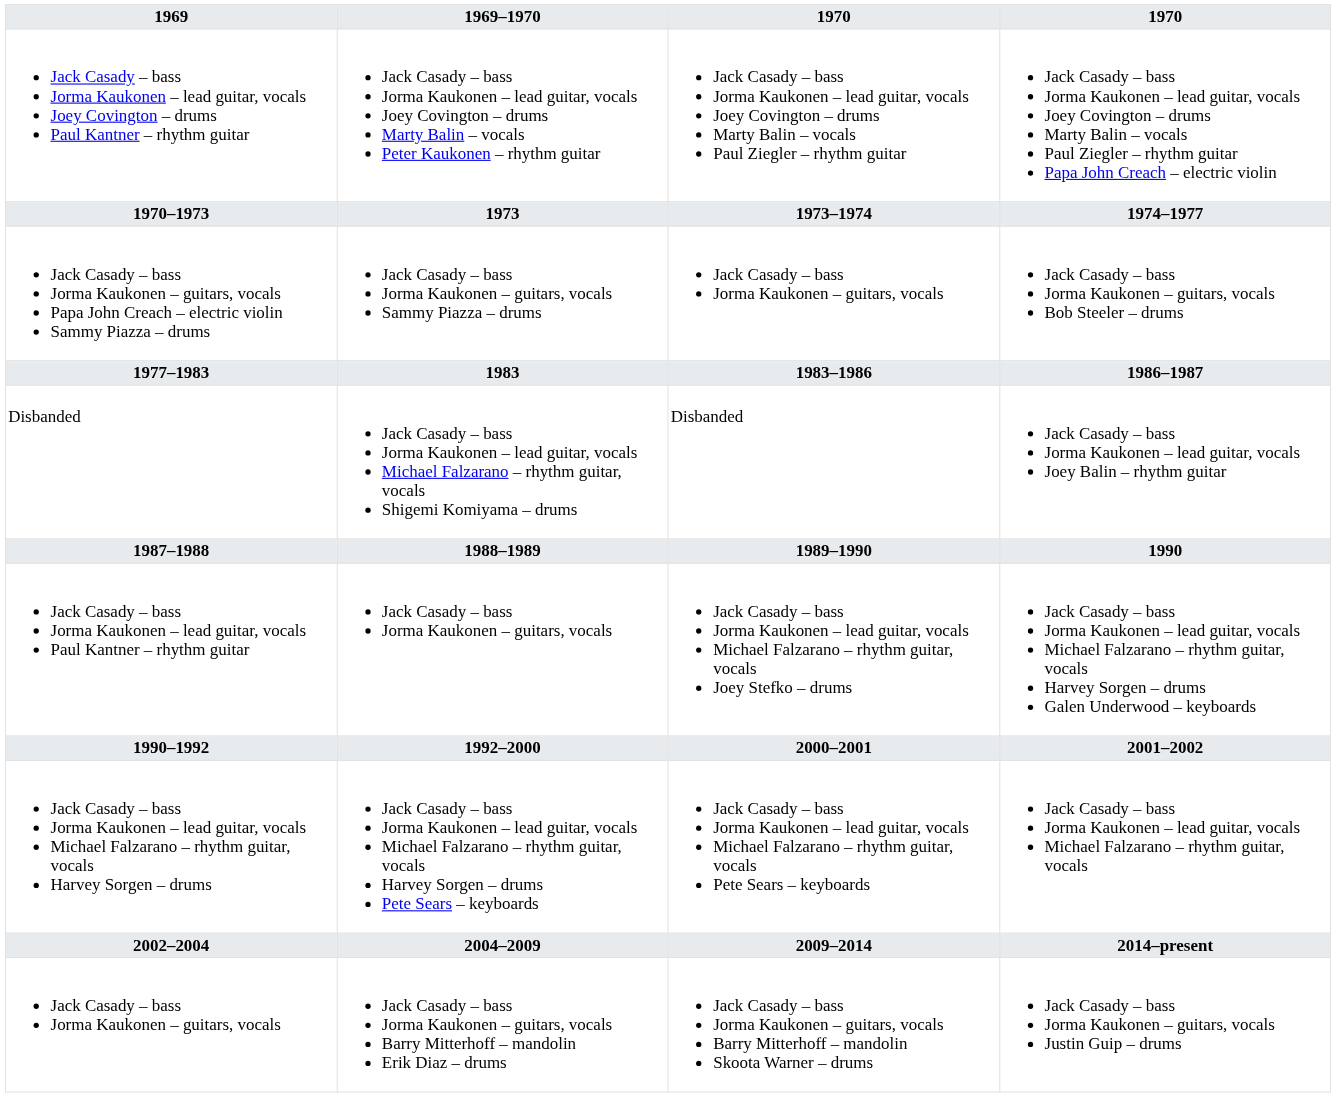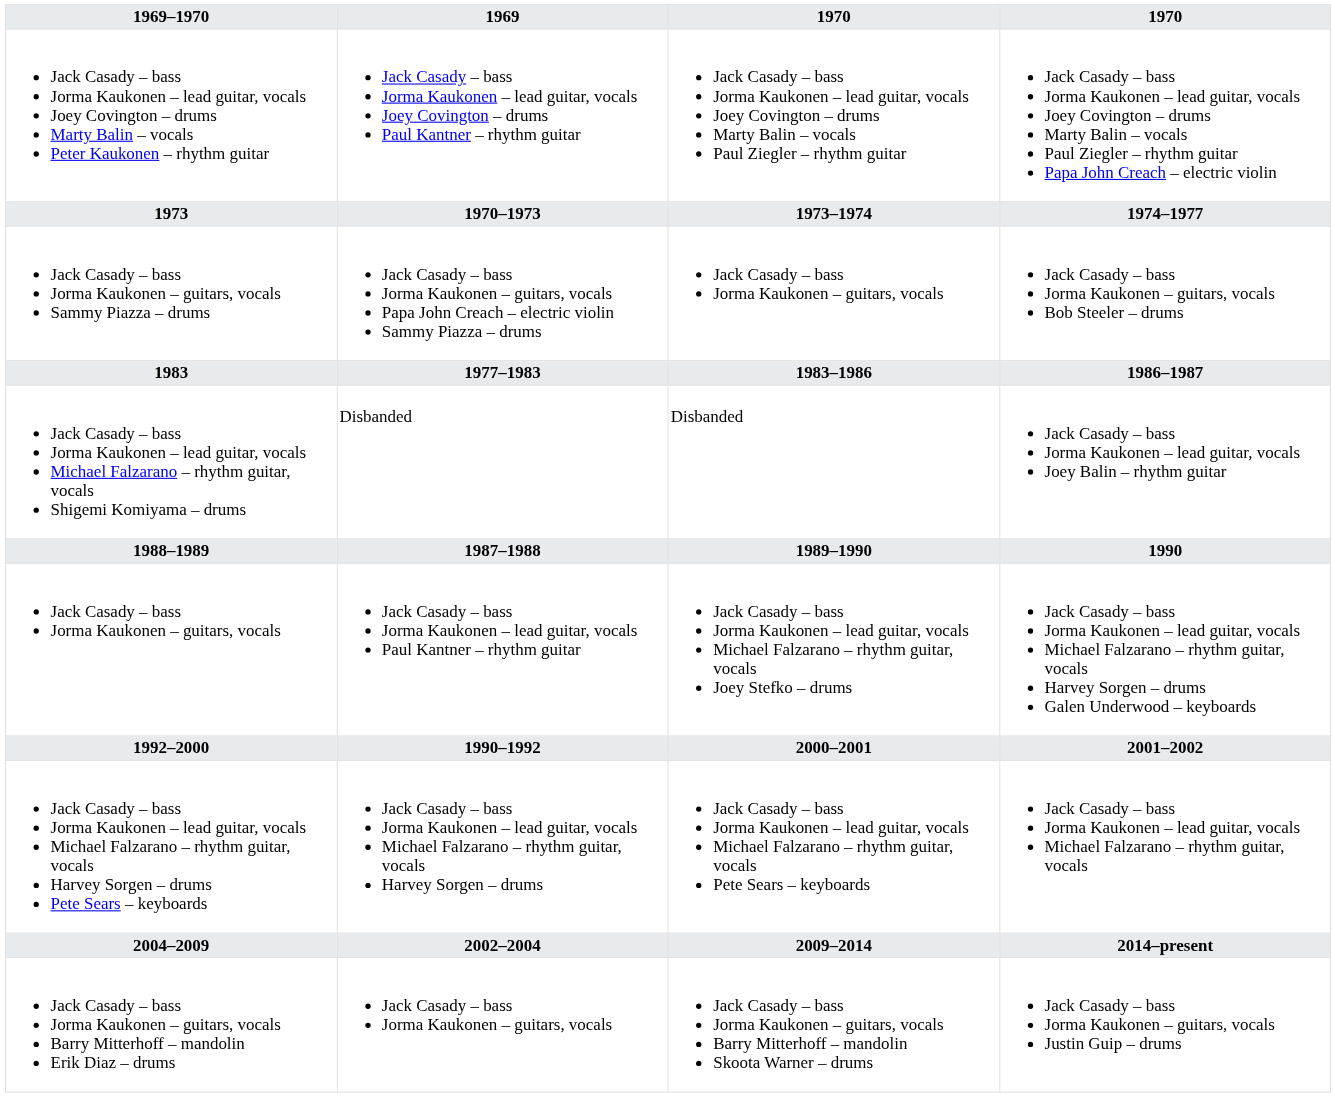 <table class="toccolours" border=1 cellpadding=2 cellspacing=0 style="float: width: 375px; margin: 0 0 1em 1em; border-collapse: collapse; border: 1px solid #E2E2E2;" width=99%>
 <tr>
+<th bgcolor="#E7EBEE" valign=top width=20%>1969–1970</th>
 <th bgcolor="#E7EBEE" valign=top width=20%>1969</th>
-<th bgcolor="#E7EBEE" valign=top width=20%>1969–1970</th>
 <th bgcolor="#E7EBEE" valign=top width=20%>1970</th>
 <th bgcolor="#E7EBEE" valign=top width=20%>1970</th>
 </tr>
 <tr>
+<td valign=top><br><ul><li>Jack Casady – bass</li><li>Jorma Kaukonen – lead guitar, vocals</li><li>Joey Covington – drums</li><li><a href='#'>Marty Balin</a> – vocals</li><li><a href='#'>Peter Kaukonen</a> – rhythm guitar</li></ul></td>
 <td valign=top><br><ul><li><a href='#'>Jack Casady</a> – bass</li><li><a href='#'>Jorma Kaukonen</a> – lead guitar, vocals</li><li><a href='#'>Joey Covington</a> – drums</li><li><a href='#'>Paul Kantner</a> – rhythm guitar</li></ul></td>
-<td valign=top><br><ul><li>Jack Casady – bass</li><li>Jorma Kaukonen – lead guitar, vocals</li><li>Joey Covington – drums</li><li><a href='#'>Marty Balin</a> – vocals</li><li><a href='#'>Peter Kaukonen</a> – rhythm guitar</li></ul></td>
 <td valign=top><br><ul><li>Jack Casady – bass</li><li>Jorma Kaukonen – lead guitar, vocals</li><li>Joey Covington – drums</li><li>Marty Balin – vocals</li><li>Paul Ziegler – rhythm guitar</li></ul></td>
 <td valign=top><br><ul><li>Jack Casady – bass</li><li>Jorma Kaukonen – lead guitar, vocals</li><li>Joey Covington – drums</li><li>Marty Balin – vocals</li><li>Paul Ziegler – rhythm guitar</li><li><a href='#'>Papa John Creach</a> – electric violin</li></ul></td>
 </tr>
 <tr>
+<th bgcolor="#E7EBEE" valign=top width=20%>1973</th>
 <th bgcolor="#E7EBEE" valign=top width=20%>1970–1973</th>
-<th bgcolor="#E7EBEE" valign=top width=20%>1973</th>
 <th bgcolor="#E7EBEE" valign=top width=20%>1973–1974</th>
 <th bgcolor="#E7EBEE" valign=top width=20%>1974–1977</th>
 </tr>
 <tr>
+<td valign=top><br><ul><li>Jack Casady – bass</li><li>Jorma Kaukonen – guitars, vocals</li><li>Sammy Piazza – drums</li></ul></td>
 <td valign=top><br><ul><li>Jack Casady – bass</li><li>Jorma Kaukonen – guitars, vocals</li><li>Papa John Creach – electric violin</li><li>Sammy Piazza – drums</li></ul></td>
-<td valign=top><br><ul><li>Jack Casady – bass</li><li>Jorma Kaukonen – guitars, vocals</li><li>Sammy Piazza – drums</li></ul></td>
 <td valign=top><br><ul><li>Jack Casady – bass</li><li>Jorma Kaukonen – guitars, vocals</li></ul></td>
 <td valign=top><br><ul><li>Jack Casady – bass</li><li>Jorma Kaukonen – guitars, vocals</li><li>Bob Steeler – drums</li></ul></td>
 </tr>
 <tr>
+<th bgcolor="#E7EBEE" valign=top width=20%>1983</th>
 <th bgcolor="#E7EBEE" valign=top width=20%>1977–1983</th>
-<th bgcolor="#E7EBEE" valign=top width=20%>1983</th>
 <th bgcolor="#E7EBEE" valign=top width=20%>1983–1986</th>
 <th bgcolor="#E7EBEE" valign=top width=20%>1986–1987</th>
 </tr>
 <tr>
+<td valign=top><br><ul><li>Jack Casady – bass</li><li>Jorma Kaukonen – lead guitar, vocals</li><li><a href='#'>Michael Falzarano</a> – rhythm guitar, vocals</li><li>Shigemi Komiyama – drums</li></ul></td>
 <td valign=top><br>Disbanded</td>
-<td valign=top><br><ul><li>Jack Casady – bass</li><li>Jorma Kaukonen – lead guitar, vocals</li><li><a href='#'>Michael Falzarano</a> – rhythm guitar, vocals</li><li>Shigemi Komiyama – drums</li></ul></td>
 <td valign=top><br>Disbanded</td>
 <td valign=top><br><ul><li>Jack Casady – bass</li><li>Jorma Kaukonen – lead guitar, vocals</li><li>Joey Balin – rhythm guitar</li></ul></td>
 </tr>
 <tr>
+<th bgcolor="#E7EBEE" valign=top width=20%>1988–1989</th>
 <th bgcolor="#E7EBEE" valign=top width=20%>1987–1988</th>
-<th bgcolor="#E7EBEE" valign=top width=20%>1988–1989</th>
 <th bgcolor="#E7EBEE" valign=top width=20%>1989–1990</th>
 <th bgcolor="#E7EBEE" valign=top width=20%>1990</th>
 </tr>
 <tr>
+<td valign=top><br><ul><li>Jack Casady – bass</li><li>Jorma Kaukonen – guitars, vocals</li></ul></td>
 <td valign=top><br><ul><li>Jack Casady – bass</li><li>Jorma Kaukonen – lead guitar, vocals</li><li>Paul Kantner – rhythm guitar</li></ul></td>
-<td valign=top><br><ul><li>Jack Casady – bass</li><li>Jorma Kaukonen – guitars, vocals</li></ul></td>
 <td valign=top><br><ul><li>Jack Casady – bass</li><li>Jorma Kaukonen – lead guitar, vocals</li><li>Michael Falzarano – rhythm guitar, vocals</li><li>Joey Stefko – drums</li></ul></td>
 <td valign=top><br><ul><li>Jack Casady – bass</li><li>Jorma Kaukonen – lead guitar, vocals</li><li>Michael Falzarano – rhythm guitar, vocals</li><li>Harvey Sorgen – drums</li><li>Galen Underwood – keyboards</li></ul></td>
 </tr>
 <tr>
+<th bgcolor="#E7EBEE" valign=top width=20%>1992–2000</th>
 <th bgcolor="#E7EBEE" valign=top width=20%>1990–1992</th>
-<th bgcolor="#E7EBEE" valign=top width=20%>1992–2000</th>
 <th bgcolor="#E7EBEE" valign=top width=20%>2000–2001</th>
 <th bgcolor="#E7EBEE" valign=top width=20%>2001–2002</th>
 </tr>
 <tr>
+<td valign=top><br><ul><li>Jack Casady – bass</li><li>Jorma Kaukonen – lead guitar, vocals</li><li>Michael Falzarano – rhythm guitar, vocals</li><li>Harvey Sorgen – drums</li><li><a href='#'>Pete Sears</a> – keyboards</li></ul></td>
 <td valign=top><br><ul><li>Jack Casady – bass</li><li>Jorma Kaukonen – lead guitar, vocals</li><li>Michael Falzarano – rhythm guitar, vocals</li><li>Harvey Sorgen – drums</li></ul></td>
-<td valign=top><br><ul><li>Jack Casady – bass</li><li>Jorma Kaukonen – lead guitar, vocals</li><li>Michael Falzarano – rhythm guitar, vocals</li><li>Harvey Sorgen – drums</li><li><a href='#'>Pete Sears</a> – keyboards</li></ul></td>
 <td valign=top><br><ul><li>Jack Casady – bass</li><li>Jorma Kaukonen – lead guitar, vocals</li><li>Michael Falzarano – rhythm guitar, vocals</li><li>Pete Sears – keyboards</li></ul></td>
 <td valign=top><br><ul><li>Jack Casady – bass</li><li>Jorma Kaukonen – lead guitar, vocals</li><li>Michael Falzarano – rhythm guitar, vocals</li></ul></td>
 </tr>
 <tr>
+<th bgcolor="#E7EBEE" valign=top width=20%>2004–2009</th>
 <th bgcolor="#E7EBEE" valign=top width=20%>2002–2004</th>
-<th bgcolor="#E7EBEE" valign=top width=20%>2004–2009</th>
 <th bgcolor="#E7EBEE" valign=top width=20%>2009–2014</th>
 <th bgcolor="#E7EBEE" valign=top width=20%>2014–present</th>
 </tr>
 <tr>
+<td valign=top><br><ul><li>Jack Casady – bass</li><li>Jorma Kaukonen – guitars, vocals</li><li>Barry Mitterhoff – mandolin</li><li>Erik Diaz – drums</li></ul></td>
 <td valign=top><br><ul><li>Jack Casady – bass</li><li>Jorma Kaukonen – guitars, vocals</li></ul></td>
-<td valign=top><br><ul><li>Jack Casady – bass</li><li>Jorma Kaukonen – guitars, vocals</li><li>Barry Mitterhoff – mandolin</li><li>Erik Diaz – drums</li></ul></td>
 <td valign=top><br><ul><li>Jack Casady – bass</li><li>Jorma Kaukonen – guitars, vocals</li><li>Barry Mitterhoff – mandolin</li><li>Skoota Warner – drums</li></ul></td>
 <td valign=top><br><ul><li>Jack Casady – bass</li><li>Jorma Kaukonen – guitars, vocals</li><li>Justin Guip – drums</li></ul></td>
 </tr>
 </table>
